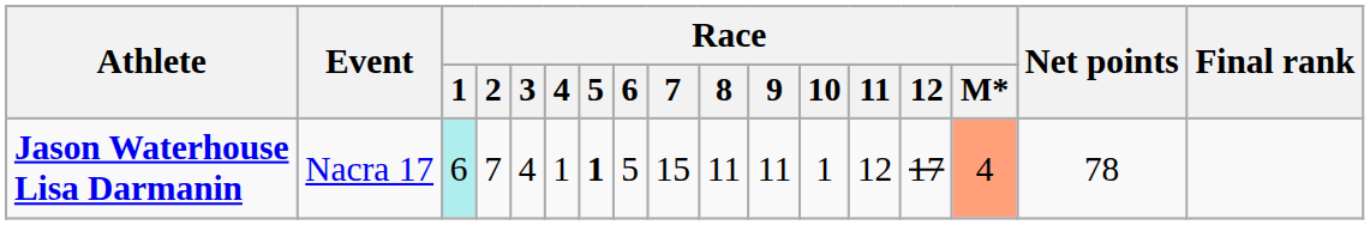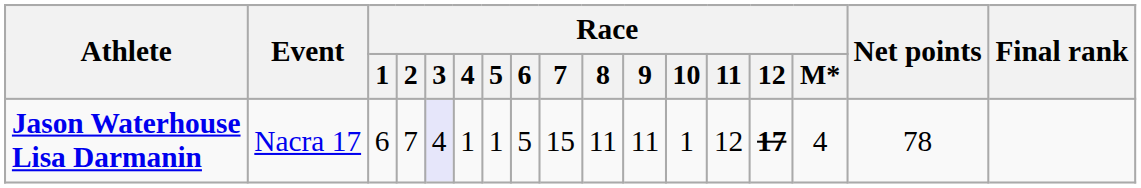 <table class="wikitable" style="font-size:90%">
 <tr>
 <th rowspan="2">Athlete</th>
 <th rowspan="2">Event</th>
 <th colspan=13>Race</th>
 <th rowspan=2>Net points</th>
 <th rowspan=2>Final rank</th>
 </tr>
 <tr style="font-size:95%">
 <th>1</th>
 <th>2</th>
 <th>3</th>
 <th>4</th>
 <th>5</th>
 <th>6</th>
 <th>7</th>
 <th>8</th>
 <th>9</th>
 <th>10</th>
 <th>11</th>
 <th>12</th>
 <th>M*</th>
 </tr>
 <tr align=center>
 <td align=left><strong><a href='#'>Jason Waterhouse</a><br><a href='#'>Lisa Darmanin</a></strong></td>
 <td align=left><a href='#'>Nacra 17</a></td>
-<td style="background: paleturquoise;">6</td>
+<td>6</td>
 <td>7</td>
-<td>4</td>
+<td style="background: lavender;">4</td>
 <td>1</td>
-<td><strong>1</strong></td>
+<td>1</td>
 <td>5</td>
 <td>15</td>
 <td>11</td>
 <td>11</td>
 <td>1</td>
 <td>12</td>
-<td><s>17</s></td>
-<td style="background: lightsalmon;">4</td>
+<td><strong><s>17</s></strong></td>
+<td>4</td>
 <td>78</td>
 <td></td>
 </tr>
 </table>
